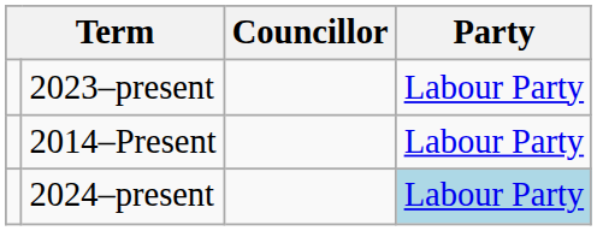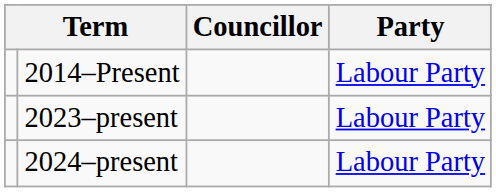 <table class="wikitable">
 <tr>
 <th colspan=2>Term</th>
 <th>Councillor</th>
 <th>Party</th>
+</tr>
+<tr>
+<td style="background-color: "></td>
+<td>2014–Present</td>
+<td></td>
+<td><a href='#'>Labour Party</a></td>
 </tr>
 <tr>
 <td style="background-color: "></td>
 <td>2023–present</td>
 <td></td>
 <td><a href='#'>Labour Party</a></td>
 </tr>
 <tr>
 <td style="background-color: "></td>
-<td>2014–Present</td>
+<td>2024–present</td>
 <td></td>
 <td><a href='#'>Labour Party</a></td>
 </tr>
-<tr>
-<td style="background-color: "></td>
-<td>2024–present</td>
-<td></td>
-<td style="background: lightblue;"><a href='#'>Labour Party</a></td>
-</tr>
 </table>
